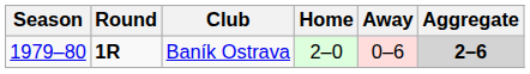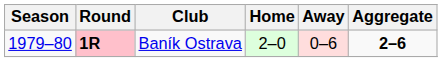 <table class="wikitable">
 <tr>
 <th>Season</th>
 <th>Round</th>
 <th>Club</th>
 <th>Home</th>
 <th>Away</th>
 <th>Aggregate</th>
 </tr>
 <tr>
 <td><a href='#'>1979–80</a></td>
-<td><strong>1R</strong></td>
+<td style="background: pink;"><strong>1R</strong></td>
 <td> <a href='#'>Baník Ostrava</a></td>
 <td style="text-align:center; background:#dfd;">2–0</td>
 <td style="text-align:center; background:#fdd;">0–6</td>
-<td style="background: lightgrey; text-align:center;"><strong>2–6</strong></td>
+<td style="text-align:center;"><strong>2–6</strong></td>
 </tr>
 <tr>
 </tr>
 </table>
